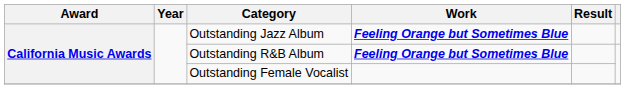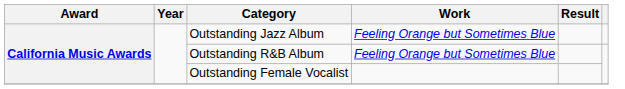 <table class="wikitable sortable plainrowheaders">
 <tr>
 <th scope="col">Award</th>
 <th scope="col">Year</th>
 <th scope="col">Category</th>
 <th scope="col">Work</th>
 <th scope="col">Result</th>
 <th scope="col" class="unsortable"></th>
 </tr>
 <tr>
 <th scope="row" rowspan="3"><a href='#'>California Music Awards</a></th>
 <td rowspan="3"></td>
 <td>Outstanding Jazz Album</td>
-<td><strong><em><a href='#'>Feeling Orange but Sometimes Blue</a></em></strong></td>
+<td><em><a href='#'>Feeling Orange but Sometimes Blue</a></em></td>
 <td></td>
 <td></td>
 </tr>
 <tr>
 <td>Outstanding R&B Album</td>
-<td><strong><em><a href='#'>Feeling Orange but Sometimes Blue</a></em></strong></td>
+<td><em><a href='#'>Feeling Orange but Sometimes Blue</a></em></td>
 <td></td>
 <td rowspan="2"></td>
 </tr>
 <tr>
 <td>Outstanding Female Vocalist</td>
 <td></td>
 <td></td>
 </tr>
 <tr>
 </tr>
 </table>
